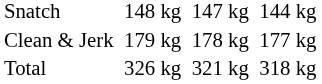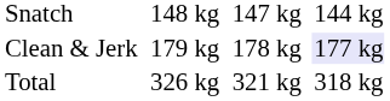 <table>
 <tr>
 <td>Snatch</td>
 <td></td>
 <td>148 kg</td>
 <td></td>
 <td>147 kg</td>
 <td></td>
 <td>144 kg</td>
 </tr>
 <tr>
 <td>Clean & Jerk</td>
 <td></td>
 <td>179 kg</td>
 <td></td>
 <td>178 kg</td>
 <td></td>
-<td>177 kg</td>
+<td style="background: lavender;">177 kg</td>
 </tr>
 <tr>
 <td>Total</td>
 <td></td>
 <td>326 kg</td>
 <td></td>
 <td>321 kg</td>
 <td></td>
 <td>318 kg</td>
 </tr>
 </table>
